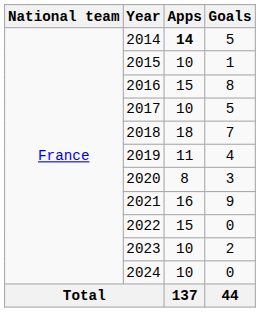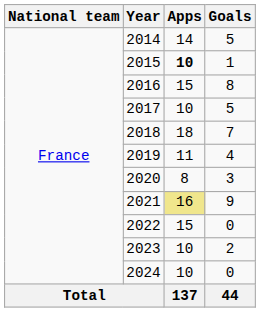 <table class="wikitable" style="text-align: center;">
 <tr>
 <th>National team</th>
 <th>Year</th>
 <th>Apps</th>
 <th>Goals</th>
 </tr>
 <tr>
 <td rowspan="11"><a href='#'>France</a></td>
 <td>2014</td>
-<td><strong>14</strong></td>
+<td>14</td>
 <td>5</td>
 </tr>
 <tr>
 <td>2015</td>
-<td>10</td>
+<td><strong>10</strong></td>
 <td>1</td>
 </tr>
 <tr>
 <td>2016</td>
 <td>15</td>
 <td>8</td>
 </tr>
 <tr>
 <td>2017</td>
 <td>10</td>
 <td>5</td>
 </tr>
 <tr>
 <td>2018</td>
 <td>18</td>
 <td>7</td>
 </tr>
 <tr>
 <td>2019</td>
 <td>11</td>
 <td>4</td>
 </tr>
 <tr>
 <td>2020</td>
 <td>8</td>
 <td>3</td>
 </tr>
 <tr>
 <td>2021</td>
-<td>16</td>
+<td style="background: khaki;">16</td>
 <td>9</td>
 </tr>
 <tr>
 <td>2022</td>
 <td>15</td>
 <td>0</td>
 </tr>
 <tr>
 <td>2023</td>
 <td>10</td>
 <td>2</td>
 </tr>
 <tr>
 <td>2024</td>
 <td>10</td>
 <td>0</td>
 </tr>
 <tr>
 <th colspan="2">Total</th>
 <th>137</th>
 <th>44</th>
 </tr>
 </table>
